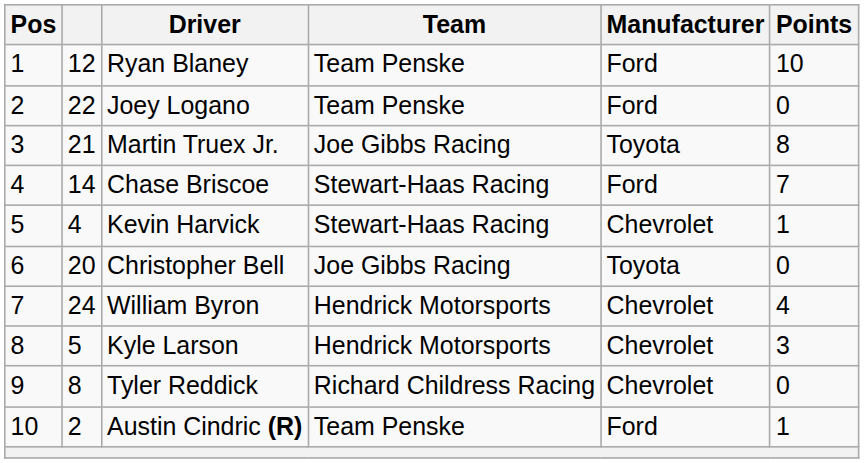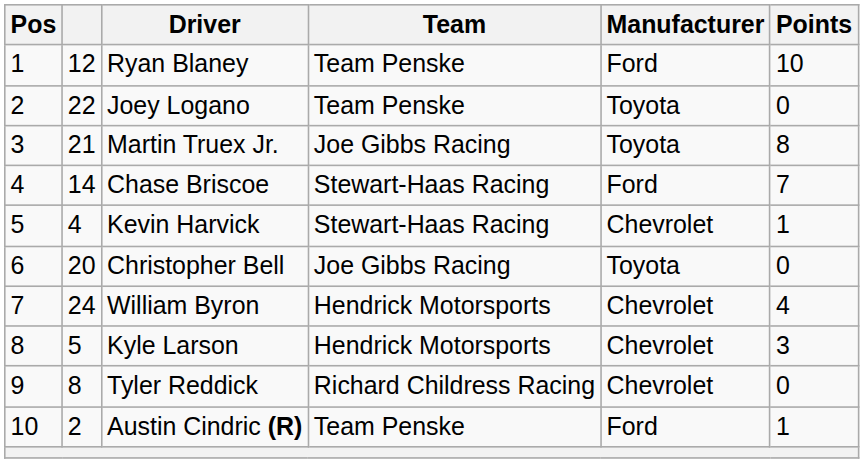 <table class="wikitable" style="font-size:98%">
 <tr>
 <th>Pos</th>
 <th></th>
 <th>Driver</th>
 <th>Team</th>
 <th>Manufacturer</th>
 <th>Points</th>
 </tr>
 <tr>
 <td>1</td>
 <td>12</td>
 <td>Ryan Blaney</td>
 <td>Team Penske</td>
 <td>Ford</td>
 <td>10</td>
 </tr>
 <tr>
 <td>2</td>
 <td>22</td>
 <td>Joey Logano</td>
 <td>Team Penske</td>
-<td>Ford</td>
+<td>Toyota</td>
 <td>0</td>
 </tr>
 <tr>
 <td>3</td>
 <td>21</td>
 <td>Martin Truex Jr.</td>
 <td>Joe Gibbs Racing</td>
 <td>Toyota</td>
 <td>8</td>
 </tr>
 <tr>
 <td>4</td>
 <td>14</td>
 <td>Chase Briscoe</td>
 <td>Stewart-Haas Racing</td>
 <td>Ford</td>
 <td>7</td>
 </tr>
 <tr>
 <td>5</td>
 <td>4</td>
 <td>Kevin Harvick</td>
 <td>Stewart-Haas Racing</td>
 <td>Chevrolet</td>
 <td>1</td>
 </tr>
 <tr>
 <td>6</td>
 <td>20</td>
 <td>Christopher Bell</td>
 <td>Joe Gibbs Racing</td>
 <td>Toyota</td>
 <td>0</td>
 </tr>
 <tr>
 <td>7</td>
 <td>24</td>
 <td>William Byron</td>
 <td>Hendrick Motorsports</td>
 <td>Chevrolet</td>
 <td>4</td>
 </tr>
 <tr>
 <td>8</td>
 <td>5</td>
 <td>Kyle Larson</td>
 <td>Hendrick Motorsports</td>
 <td>Chevrolet</td>
 <td>3</td>
 </tr>
 <tr>
 <td>9</td>
 <td>8</td>
 <td>Tyler Reddick</td>
 <td>Richard Childress Racing</td>
 <td>Chevrolet</td>
 <td>0</td>
 </tr>
 <tr>
 <td>10</td>
 <td>2</td>
 <td>Austin Cindric <strong>(R)</strong></td>
 <td>Team Penske</td>
 <td>Ford</td>
 <td>1</td>
 </tr>
 <tr>
 <th colspan="6"></th>
 </tr>
 </table>
